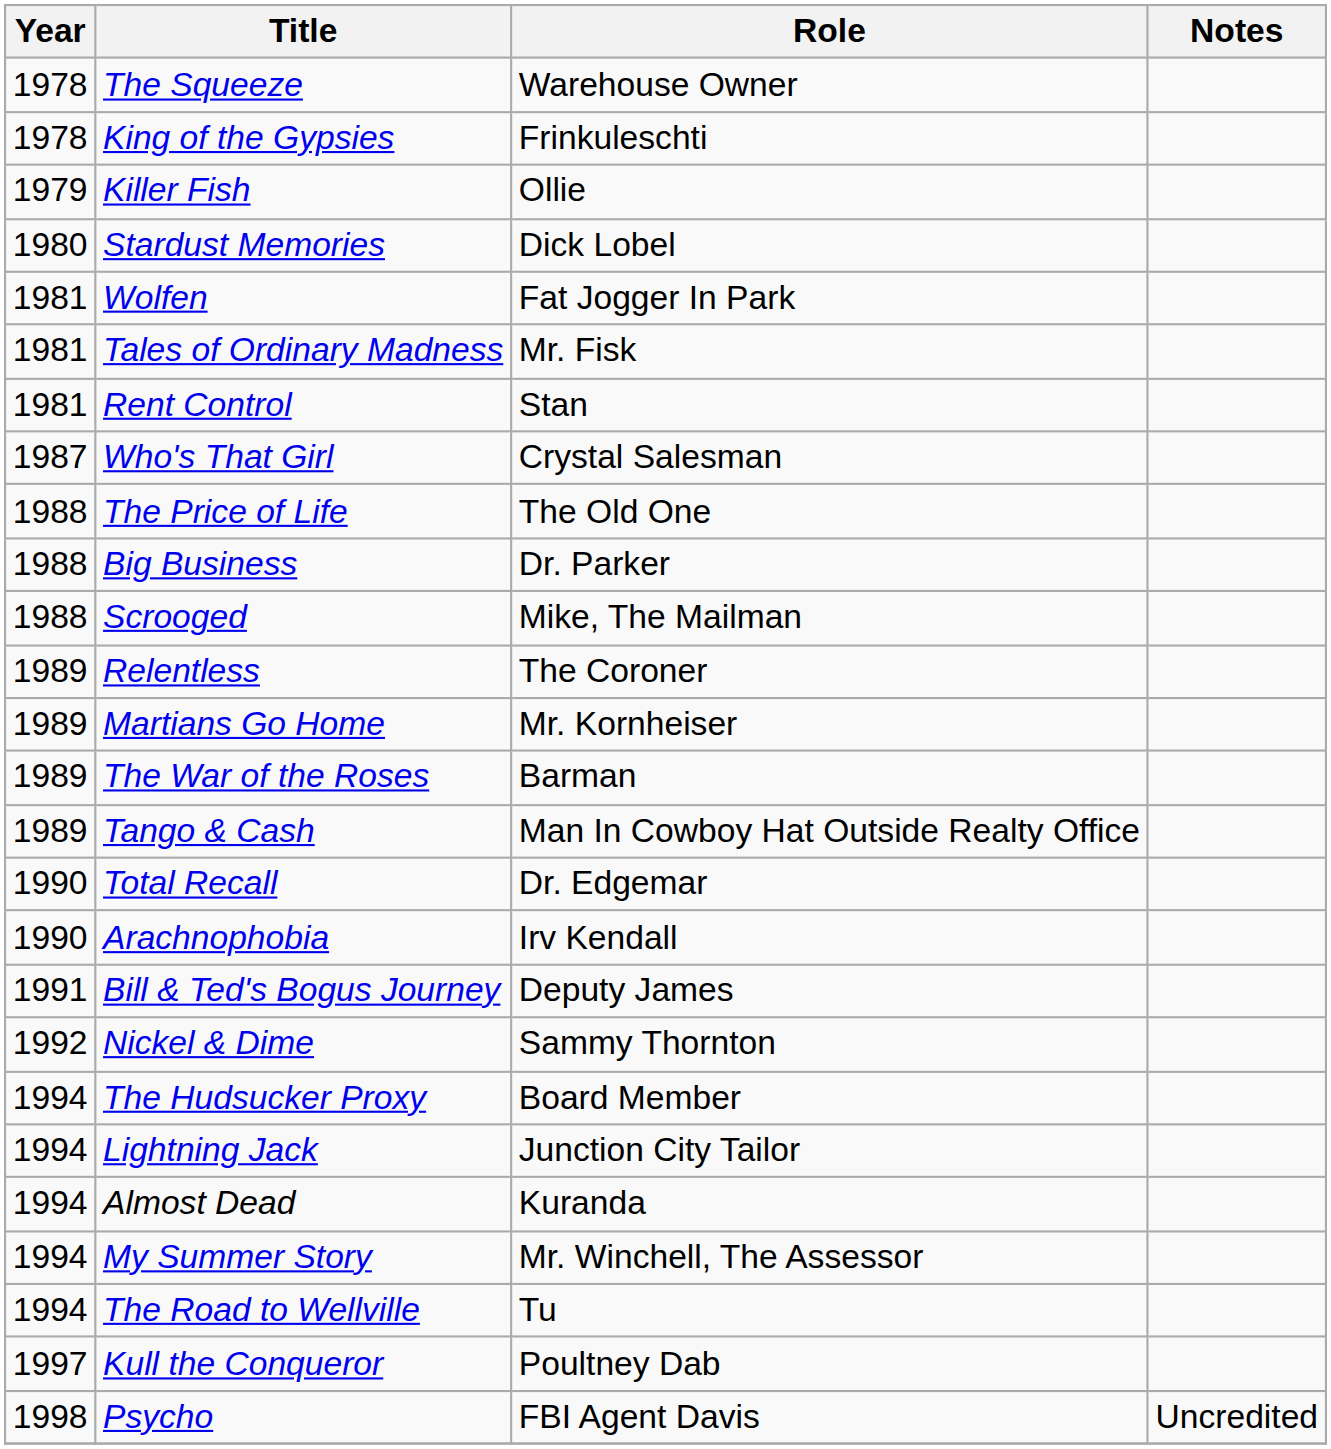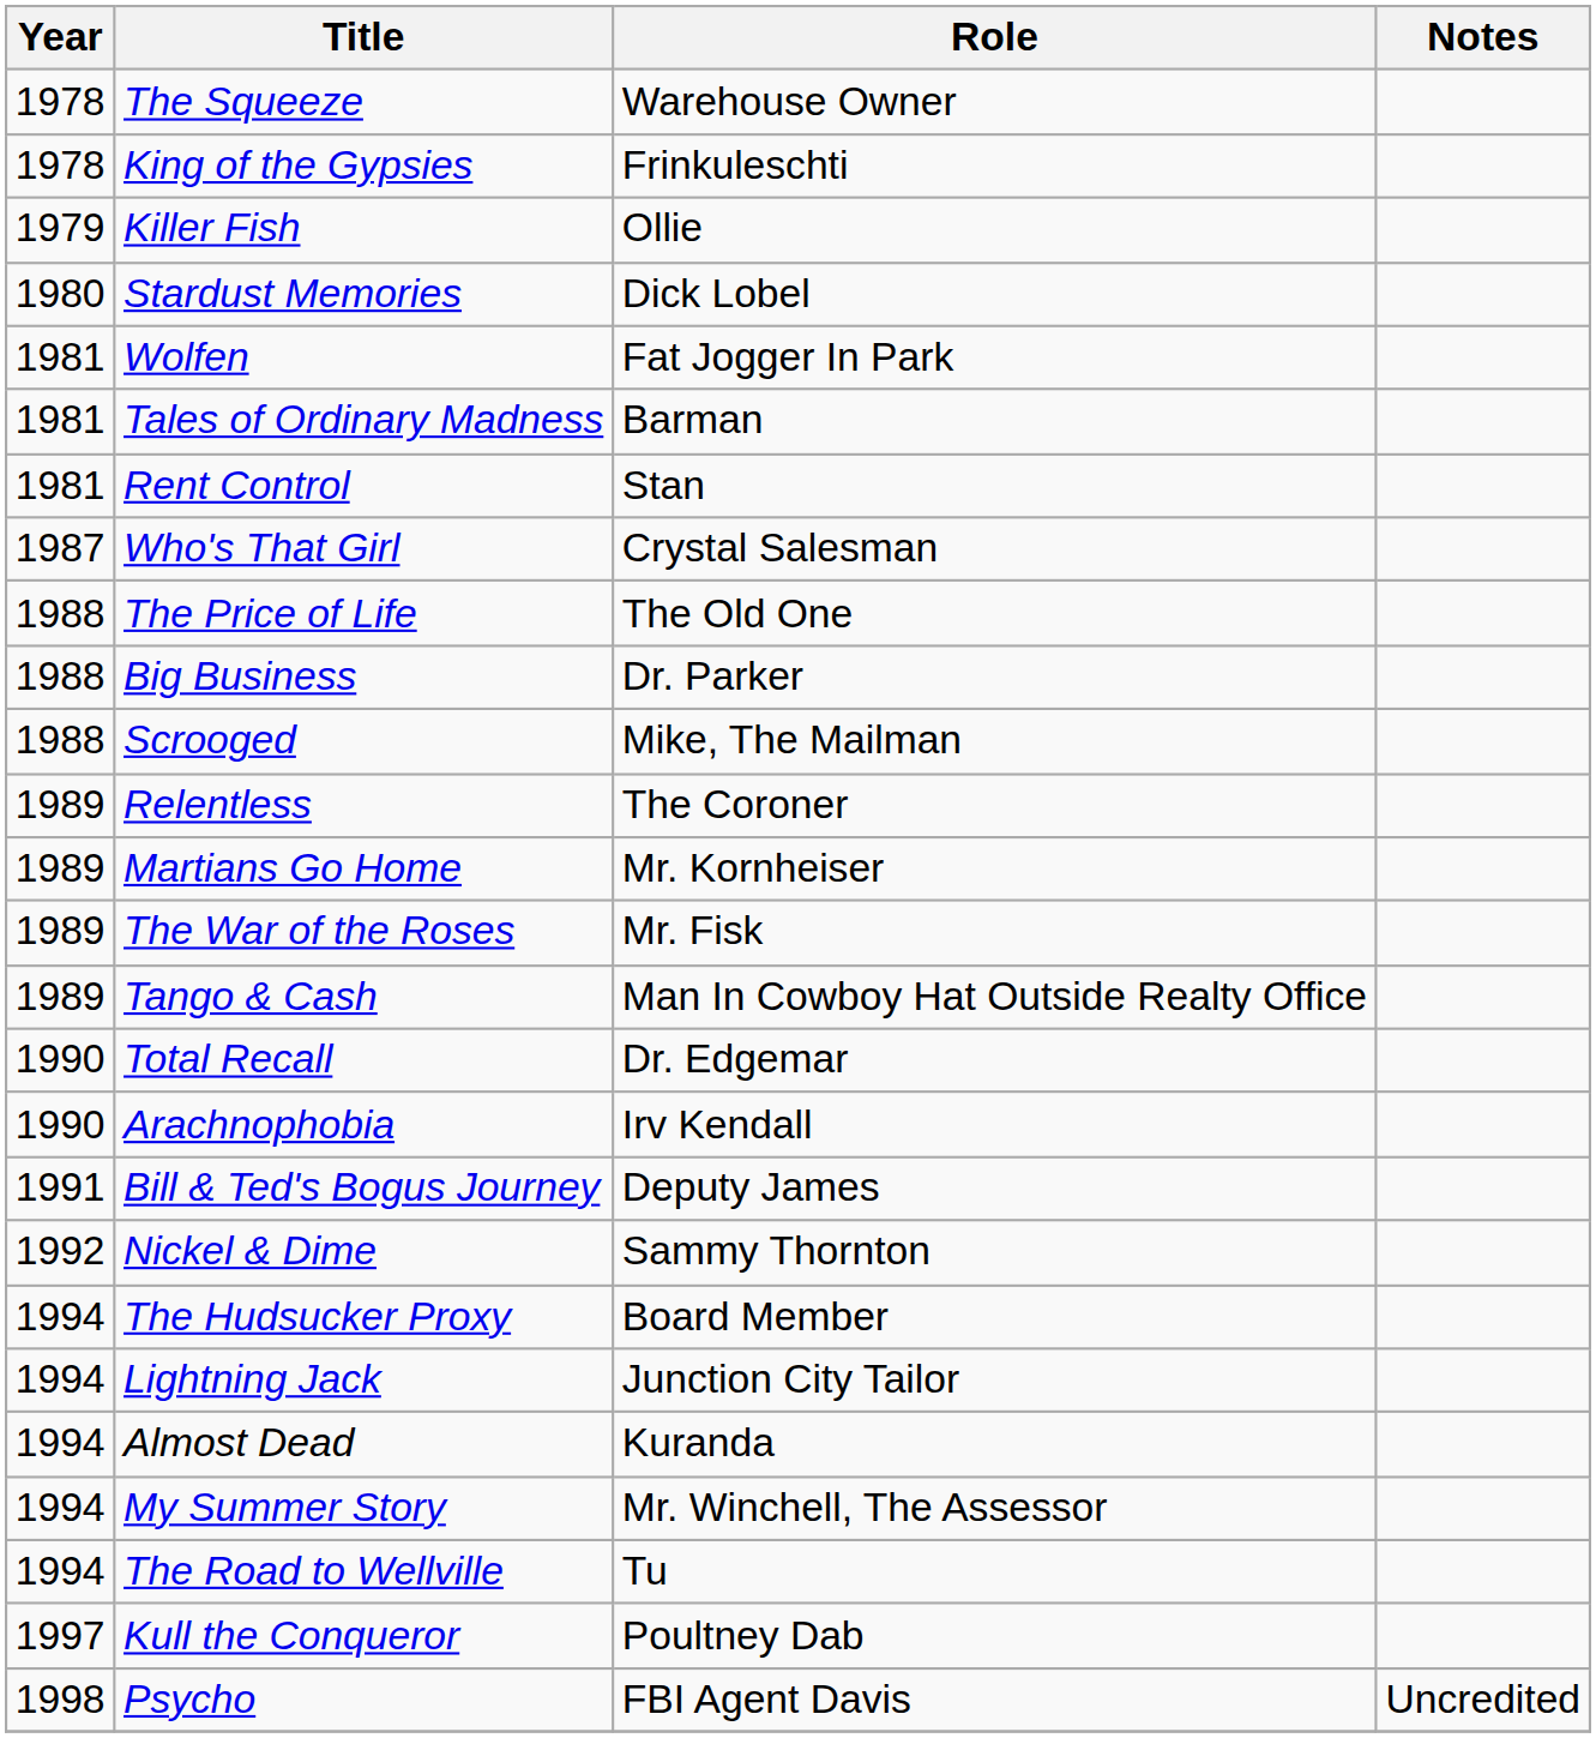 <table class="wikitable sortable">
 <tr>
 <th>Year</th>
 <th>Title</th>
 <th>Role</th>
 <th class="unsortable">Notes</th>
 </tr>
 <tr>
 <td>1978</td>
 <td><em><a href='#'>The Squeeze</a></em></td>
 <td>Warehouse Owner</td>
 <td></td>
 </tr>
 <tr>
 <td>1978</td>
 <td><em><a href='#'>King of the Gypsies</a></em></td>
 <td>Frinkuleschti</td>
 <td></td>
 </tr>
 <tr>
 <td>1979</td>
 <td><em><a href='#'>Killer Fish</a></em></td>
 <td>Ollie</td>
 <td></td>
 </tr>
 <tr>
 <td>1980</td>
 <td><em><a href='#'>Stardust Memories</a></em></td>
 <td>Dick Lobel</td>
 <td></td>
 </tr>
 <tr>
 <td>1981</td>
 <td><em><a href='#'>Wolfen</a></em></td>
 <td>Fat Jogger In Park</td>
 <td></td>
 </tr>
 <tr>
 <td>1981</td>
 <td><em><a href='#'>Tales of Ordinary Madness</a></em></td>
-<td>Mr. Fisk</td>
+<td>Barman</td>
 <td></td>
 </tr>
 <tr>
 <td>1981</td>
 <td><em><a href='#'>Rent Control</a></em></td>
 <td>Stan</td>
 <td></td>
 </tr>
 <tr>
 <td>1987</td>
 <td><em><a href='#'>Who's That Girl</a></em></td>
 <td>Crystal Salesman</td>
 <td></td>
 </tr>
 <tr>
 <td>1988</td>
 <td><em><a href='#'>The Price of Life</a></em></td>
 <td>The Old One</td>
 <td></td>
 </tr>
 <tr>
 <td>1988</td>
 <td><em><a href='#'>Big Business</a></em></td>
 <td>Dr. Parker</td>
 <td></td>
 </tr>
 <tr>
 <td>1988</td>
 <td><em><a href='#'>Scrooged</a></em></td>
 <td>Mike, The Mailman</td>
 <td></td>
 </tr>
 <tr>
 <td>1989</td>
 <td><em><a href='#'>Relentless</a></em></td>
 <td>The Coroner</td>
 <td></td>
 </tr>
 <tr>
 <td>1989</td>
 <td><em><a href='#'>Martians Go Home</a></em></td>
 <td>Mr. Kornheiser</td>
 <td></td>
 </tr>
 <tr>
 <td>1989</td>
 <td><em><a href='#'>The War of the Roses</a></em></td>
-<td>Barman</td>
+<td>Mr. Fisk</td>
 <td></td>
 </tr>
 <tr>
 <td>1989</td>
 <td><em><a href='#'>Tango & Cash</a></em></td>
 <td>Man In Cowboy Hat Outside Realty Office</td>
 <td></td>
 </tr>
 <tr>
 <td>1990</td>
 <td><em><a href='#'>Total Recall</a></em></td>
 <td>Dr. Edgemar</td>
 <td></td>
 </tr>
 <tr>
 <td>1990</td>
 <td><em><a href='#'>Arachnophobia</a></em></td>
 <td>Irv Kendall</td>
 <td></td>
 </tr>
 <tr>
 <td>1991</td>
 <td><em><a href='#'>Bill & Ted's Bogus Journey</a></em></td>
 <td>Deputy James</td>
 <td></td>
 </tr>
 <tr>
 <td>1992</td>
 <td><em><a href='#'>Nickel & Dime</a></em></td>
 <td>Sammy Thornton</td>
 <td></td>
 </tr>
 <tr>
 <td>1994</td>
 <td><em><a href='#'>The Hudsucker Proxy</a></em></td>
 <td>Board Member</td>
 <td></td>
 </tr>
 <tr>
 <td>1994</td>
 <td><em><a href='#'>Lightning Jack</a></em></td>
 <td>Junction City Tailor</td>
 <td></td>
 </tr>
 <tr>
 <td>1994</td>
 <td><em>Almost Dead</em></td>
 <td>Kuranda</td>
 <td></td>
 </tr>
 <tr>
 <td>1994</td>
 <td><em><a href='#'>My Summer Story</a></em></td>
 <td>Mr. Winchell, The Assessor</td>
 <td></td>
 </tr>
 <tr>
 <td>1994</td>
 <td><em><a href='#'>The Road to Wellville</a></em></td>
 <td>Tu</td>
 <td></td>
 </tr>
 <tr>
 <td>1997</td>
 <td><em><a href='#'>Kull the Conqueror</a></em></td>
 <td>Poultney Dab</td>
 <td></td>
 </tr>
 <tr>
 <td>1998</td>
 <td><em><a href='#'>Psycho</a></em></td>
 <td>FBI Agent Davis</td>
 <td>Uncredited</td>
 </tr>
 <tr>
 </tr>
 </table>
